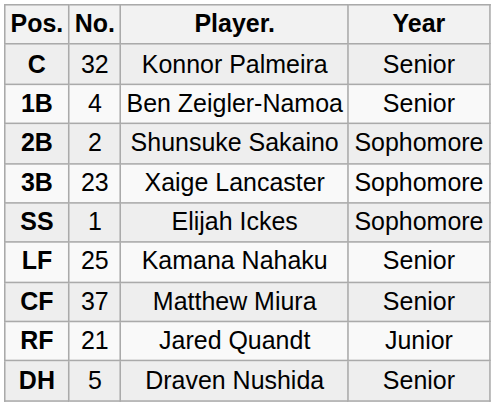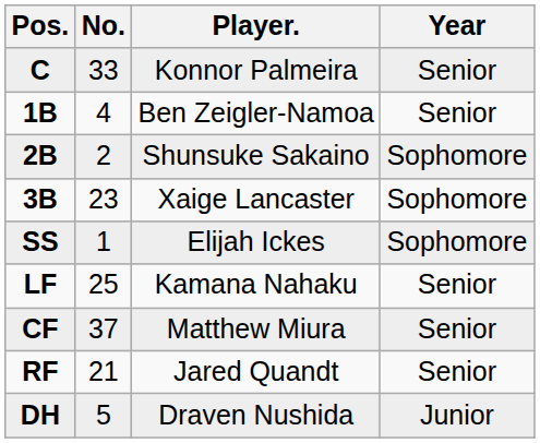 <table class="wikitable non-sortable">
 <tr>
 <th style="text-align:center; ">Pos.</th>
 <th style="text-align:center; ">No.</th>
 <th style="text-align:center; ">Player.</th>
 <th style="text-align:center; ">Year</th>
 </tr>
 <tr style="background:#eeeeee;text-align:center;">
 <td><strong>C</strong></td>
-<td>32</td>
+<td>33</td>
 <td>Konnor Palmeira</td>
 <td>Senior</td>
 </tr>
 <tr style="text-align:center;">
 <td><strong>1B</strong></td>
 <td>4</td>
 <td>Ben Zeigler-Namoa</td>
 <td>Senior</td>
 </tr>
 <tr style="background:#eeeeee;text-align:center;">
 <td><strong>2B</strong></td>
 <td>2</td>
 <td>Shunsuke Sakaino</td>
 <td>Sophomore</td>
 </tr>
 <tr style="text-align:center;">
 <td><strong>3B</strong></td>
 <td>23</td>
 <td>Xaige Lancaster</td>
 <td>Sophomore</td>
 </tr>
 <tr style="background:#eeeeee;text-align:center;">
 <td><strong>SS</strong></td>
 <td>1</td>
 <td>Elijah Ickes</td>
 <td>Sophomore</td>
 </tr>
 <tr style="text-align:center;">
 <td><strong>LF</strong></td>
 <td>25</td>
 <td>Kamana Nahaku</td>
 <td>Senior</td>
 </tr>
 <tr style="background:#eeeeee;text-align:center;">
 <td><strong>CF</strong></td>
 <td>37</td>
 <td>Matthew Miura</td>
 <td>Senior</td>
 </tr>
 <tr style="text-align:center;">
 <td><strong>RF</strong></td>
 <td>21</td>
 <td>Jared Quandt</td>
-<td>Junior</td>
+<td>Senior</td>
 </tr>
 <tr style="background:#eeeeee;text-align:center;">
 <td><strong>DH</strong></td>
 <td>5</td>
 <td>Draven Nushida</td>
-<td>Senior</td>
+<td>Junior</td>
 </tr>
 </table>
